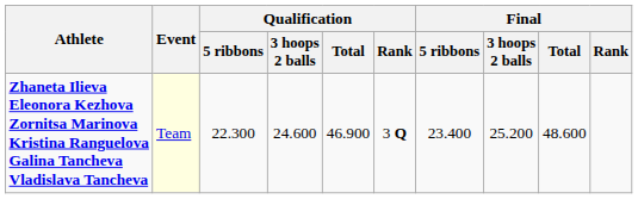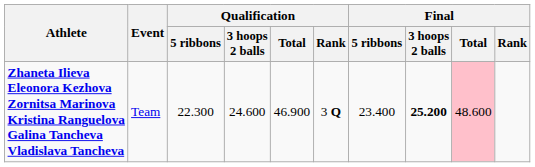 <table class="wikitable" style="font-size:90%">
 <tr>
 <th rowspan="2">Athlete</th>
 <th rowspan="2">Event</th>
 <th colspan="4">Qualification</th>
 <th colspan="4">Final</th>
 </tr>
 <tr style="font-size:95%">
 <th>5 ribbons</th>
 <th>3 hoops <br>2 balls</th>
 <th>Total</th>
 <th>Rank</th>
 <th>5 ribbons</th>
 <th>3 hoops <br>2 balls</th>
 <th>Total</th>
 <th>Rank</th>
 </tr>
 <tr align=center>
 <td align=left><strong><a href='#'>Zhaneta Ilieva</a><br><a href='#'>Eleonora Kezhova</a><br><a href='#'>Zornitsa Marinova</a><br><a href='#'>Kristina Ranguelova</a><br><a href='#'>Galina Tancheva</a><br><a href='#'>Vladislava Tancheva</a></strong></td>
-<td align=left style="background: lightyellow;"><a href='#'>Team</a></td>
+<td align=left><a href='#'>Team</a></td>
 <td>22.300</td>
 <td>24.600</td>
 <td>46.900</td>
 <td>3 <strong>Q</strong></td>
 <td>23.400</td>
-<td>25.200</td>
-<td>48.600</td>
+<td><strong>25.200</strong></td>
+<td style="background: pink;">48.600</td>
 <td></td>
 </tr>
 </table>
